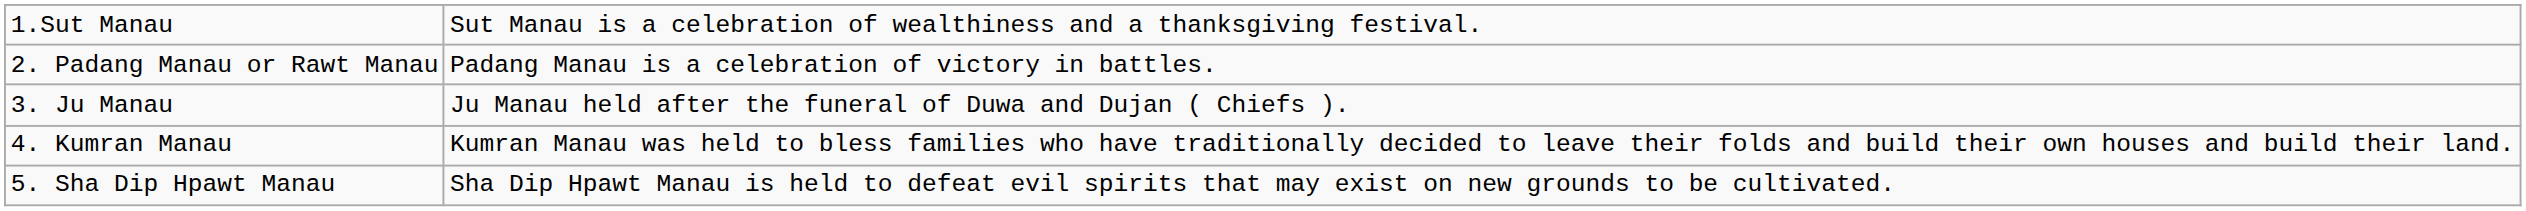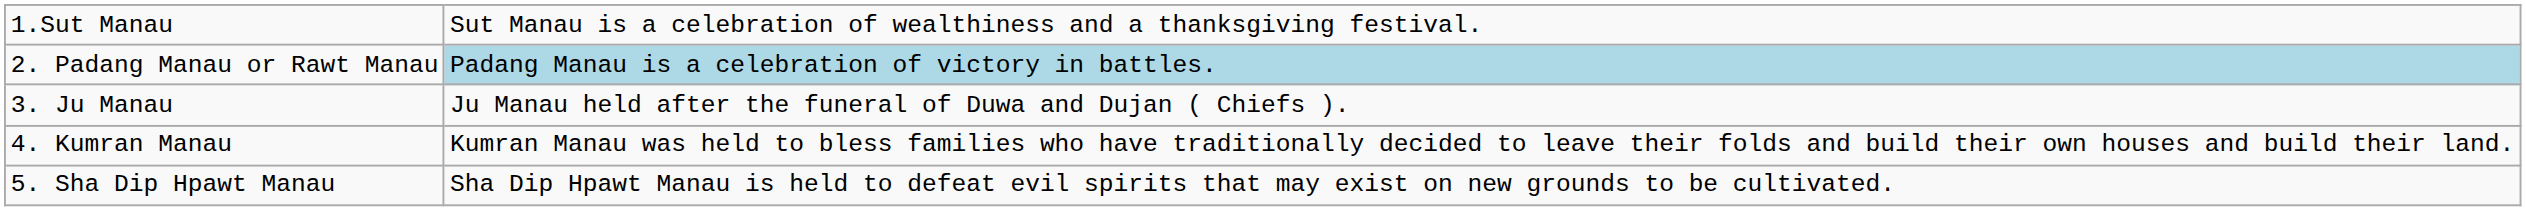 <table class="wikitable">
 <tr>
 <td>1.Sut Manau</td>
 <td>Sut Manau is a celebration of wealthiness and a thanksgiving festival.</td>
 </tr>
 <tr>
 <td>2. Padang Manau or Rawt Manau</td>
-<td>Padang Manau is a celebration of victory in battles.</td>
+<td style="background: lightblue;">Padang Manau is a celebration of victory in battles.</td>
 </tr>
 <tr>
 <td>3. Ju Manau</td>
 <td>Ju Manau held after the funeral of Duwa and Dujan ( Chiefs ).</td>
 </tr>
 <tr>
 <td>4. Kumran Manau</td>
 <td>Kumran Manau was held to bless families who have traditionally decided to leave their folds and build their own houses and build their land.</td>
 </tr>
 <tr>
 <td>5. Sha Dip Hpawt Manau</td>
 <td>Sha Dip Hpawt Manau is held to defeat evil spirits that may exist on new grounds to be cultivated.</td>
 </tr>
 </table>
